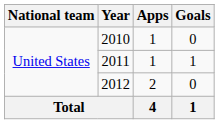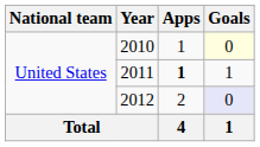 <table class="wikitable" style="text-align:center">
 <tr>
 <th>National team</th>
 <th>Year</th>
 <th>Apps</th>
 <th>Goals</th>
 </tr>
 <tr>
 <td rowspan="3"><a href='#'>United States</a></td>
 <td>2010</td>
 <td>1</td>
-<td>0</td>
+<td style="background: lightyellow;">0</td>
 </tr>
 <tr>
 <td>2011</td>
-<td>1</td>
+<td><strong>1</strong></td>
 <td>1</td>
 </tr>
 <tr>
 <td>2012</td>
 <td>2</td>
-<td>0</td>
+<td style="background: lavender;">0</td>
 </tr>
 <tr>
 <th colspan="2">Total</th>
 <th>4</th>
 <th>1</th>
 </tr>
 </table>
